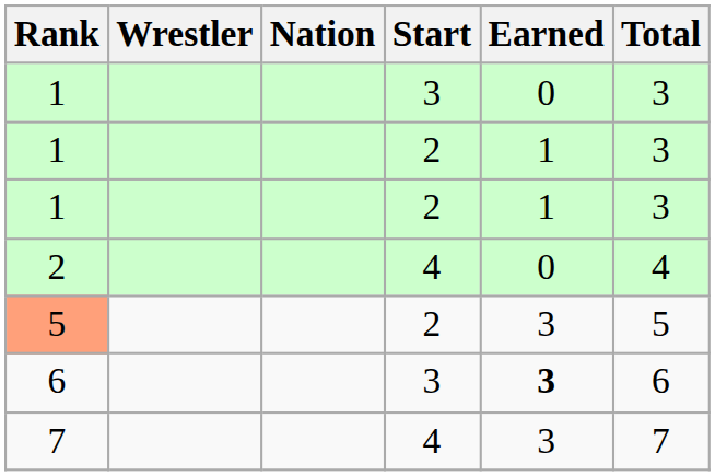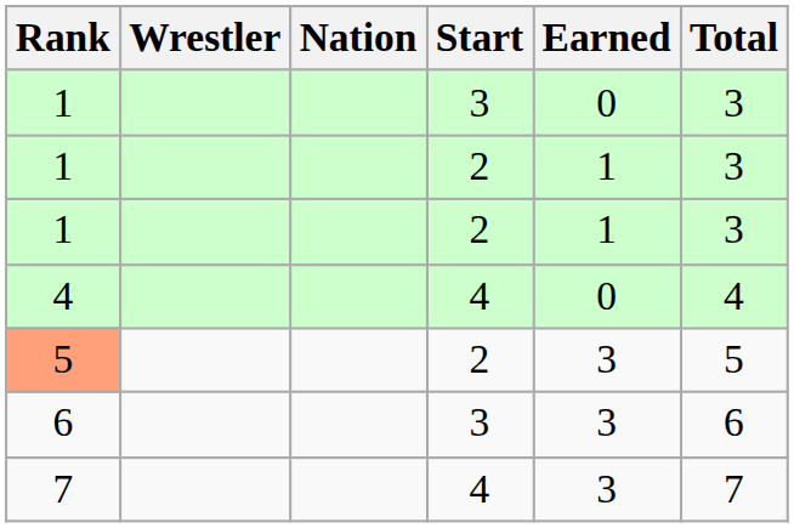 <table class="wikitable sortable" style="text-align:center;">
 <tr>
 <th>Rank</th>
 <th>Wrestler</th>
 <th>Nation</th>
 <th>Start</th>
 <th>Earned</th>
 <th>Total</th>
 </tr>
 <tr style="background:#cfc;">
 <td>1</td>
 <td align=left></td>
 <td align=left></td>
 <td>3</td>
 <td>0</td>
 <td>3</td>
 </tr>
 <tr style="background:#cfc;">
 <td>1</td>
 <td align=left></td>
 <td align=left></td>
 <td>2</td>
 <td>1</td>
 <td>3</td>
 </tr>
 <tr style="background:#cfc;">
 <td>1</td>
 <td align=left></td>
 <td align=left></td>
 <td>2</td>
 <td>1</td>
 <td>3</td>
 </tr>
 <tr style="background:#cfc;">
-<td>2</td>
+<td>4</td>
 <td align=left></td>
 <td align=left></td>
 <td>4</td>
 <td>0</td>
 <td>4</td>
 </tr>
 <tr>
 <td style="background: lightsalmon;">5</td>
 <td align=left></td>
 <td align=left></td>
 <td>2</td>
 <td>3</td>
 <td>5</td>
 </tr>
 <tr>
 <td>6</td>
 <td align=left></td>
 <td align=left></td>
 <td>3</td>
-<td><strong>3</strong></td>
+<td>3</td>
 <td>6</td>
 </tr>
 <tr>
 <td>7</td>
 <td align=left></td>
 <td align=left></td>
 <td>4</td>
 <td>3</td>
 <td>7</td>
 </tr>
 </table>
